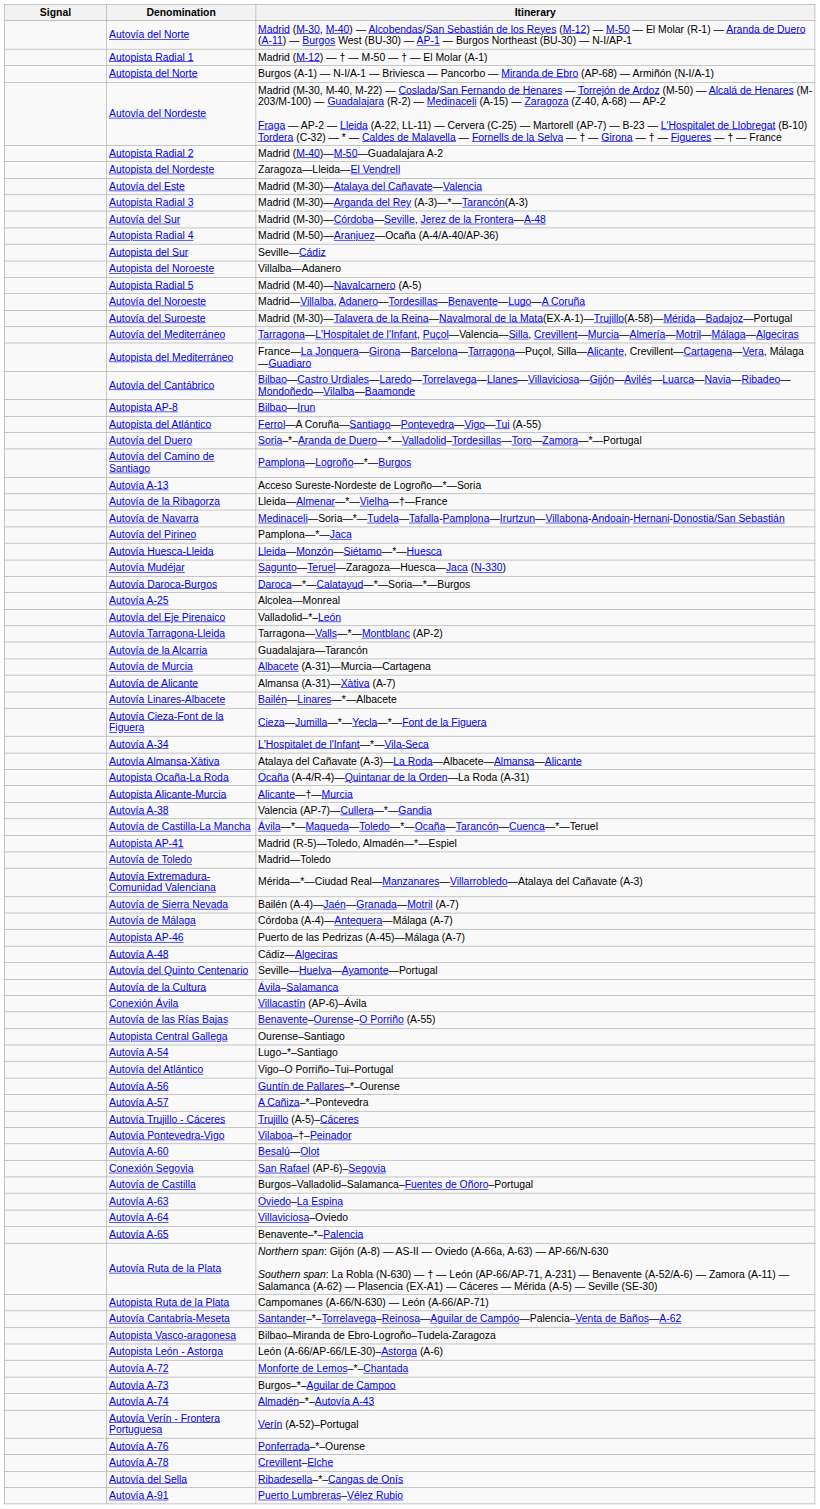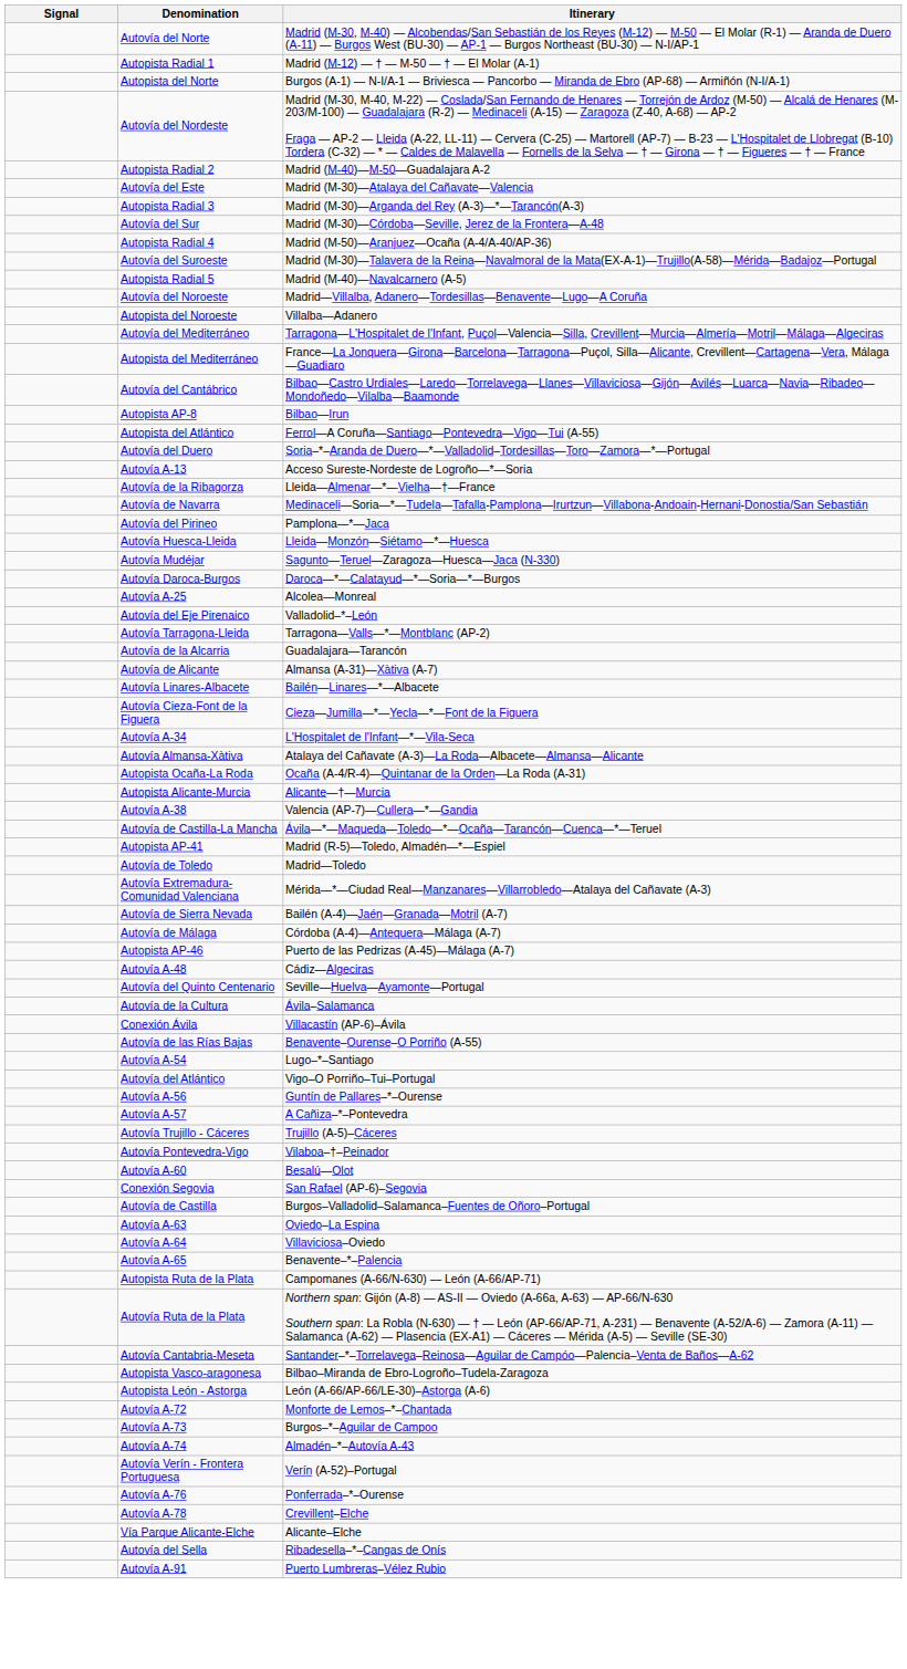 <table class="wikitable">
 <tr>
 <th width="150px">Signal</th>
 <th>Denomination</th>
 <th>Itinerary</th>
 </tr>
 <tr>
 <td></td>
 <td><a href='#'>Autovía del Norte</a></td>
 <td><a href='#'>Madrid</a> (<a href='#'>M-30</a>, <a href='#'>M-40</a>) — <a href='#'>Alcobendas</a>/<a href='#'>San Sebastián de los Reyes</a> (<a href='#'>M-12</a>) — <a href='#'>M-50</a> — El Molar (R-1) — <a href='#'>Aranda de Duero</a> (<a href='#'>A-11</a>) — <a href='#'>Burgos</a> West (BU-30) — <a href='#'>AP-1</a> — Burgos Northeast (BU-30) — N-I/AP-1</td>
 </tr>
 <tr>
 <td></td>
 <td><a href='#'>Autopista Radial 1</a></td>
 <td>Madrid (<a href='#'>M-12</a>) — † — M-50 — † — El Molar (A-1)</td>
 </tr>
 <tr>
 <td></td>
 <td><a href='#'>Autopista del Norte</a></td>
 <td>Burgos (A-1) — N-I/A-1 — Briviesca — Pancorbo — <a href='#'>Miranda de Ebro</a> (AP-68) — Armiñón (N-I/A-1)</td>
 </tr>
 <tr>
 <td></td>
 <td><a href='#'>Autovía del Nordeste</a></td>
 <td>Madrid (M-30, M-40, M-22) — <a href='#'>Coslada</a>/<a href='#'>San Fernando de Henares</a> — <a href='#'>Torrejón de Ardoz</a> (M-50) — <a href='#'>Alcalá de Henares</a> (M-203/M-100) — <a href='#'>Guadalajara</a> (R-2) — <a href='#'>Medinaceli</a> (A-15) — <a href='#'>Zaragoza</a> (Z-40, A-68) — AP-2<br><br><a href='#'>Fraga</a> — AP-2 — <a href='#'>Lleida</a> (A-22, LL-11) — Cervera (C-25) — Martorell (AP-7) — B-23 — <a href='#'>L'Hospitalet de Llobregat</a> (B-10)<br> <a href='#'>Tordera</a> (C-32) — * — <a href='#'>Caldes de Malavella</a> — <a href='#'>Fornells de la Selva</a> —  † — <a href='#'>Girona</a> —  † — <a href='#'>Figueres</a>  —  † — France</td>
 </tr>
 <tr>
 <td></td>
 <td><a href='#'>Autopista Radial 2</a></td>
 <td>Madrid (<a href='#'>M-40</a>)—<a href='#'>M-50</a>—Guadalajara A-2</td>
 </tr>
 <tr>
 <td></td>
-<td><a href='#'>Autopista del Nordeste</a></td>
-<td>Zaragoza—Lleida—<a href='#'>El Vendrell</a></td>
-</tr>
-<tr>
-<td></td>
 <td><a href='#'>Autovía del Este</a></td>
 <td>Madrid (M-30)—<a href='#'>Atalaya del Cañavate</a>—<a href='#'>Valencia</a></td>
 </tr>
 <tr>
 <td></td>
 <td><a href='#'>Autopista Radial 3</a></td>
 <td>Madrid (M-30)—<a href='#'>Arganda del Rey</a> (A-3)—*—<a href='#'>Tarancón</a>(A-3)</td>
 </tr>
 <tr>
 <td></td>
 <td><a href='#'>Autovía del Sur</a></td>
 <td>Madrid (M-30)—<a href='#'>Córdoba</a>—<a href='#'>Seville</a>, <a href='#'>Jerez de la Frontera</a>—<a href='#'>A-48</a></td>
 </tr>
 <tr>
 <td></td>
 <td><a href='#'>Autopista Radial 4</a></td>
 <td>Madrid (M-50)—<a href='#'>Aranjuez</a>—Ocaña (A-4/A-40/AP-36)</td>
 </tr>
 <tr>
 <td></td>
-<td><a href='#'>Autopista del Sur</a></td>
-<td>Seville—<a href='#'>Cádiz</a></td>
-</tr>
-<tr>
-<td></td>
-<td><a href='#'>Autopista del Noroeste</a></td>
-<td>Villalba—Adanero</td>
+<td><a href='#'>Autovía del Suroeste</a></td>
+<td>Madrid (M-30)—<a href='#'>Talavera de la Reina</a>—<a href='#'>Navalmoral de la Mata</a>(EX-A-1)—<a href='#'>Trujillo</a>(A-58)—<a href='#'>Mérida</a>—<a href='#'>Badajoz</a>—Portugal</td>
 </tr>
 <tr>
 <td></td>
 <td><a href='#'>Autopista Radial 5</a></td>
 <td>Madrid (M-40)—<a href='#'>Navalcarnero</a> (A-5)</td>
 </tr>
 <tr>
 <td></td>
 <td><a href='#'>Autovía del Noroeste</a></td>
 <td>Madrid—<a href='#'>Villalba</a>, <a href='#'>Adanero</a>—<a href='#'>Tordesillas</a>—<a href='#'>Benavente</a>—<a href='#'>Lugo</a>—<a href='#'>A Coruña</a></td>
 </tr>
 <tr>
 <td></td>
-<td><a href='#'>Autovía del Suroeste</a></td>
-<td>Madrid (M-30)—<a href='#'>Talavera de la Reina</a>—<a href='#'>Navalmoral de la Mata</a>(EX-A-1)—<a href='#'>Trujillo</a>(A-58)—<a href='#'>Mérida</a>—<a href='#'>Badajoz</a>—Portugal</td>
+<td><a href='#'>Autopista del Noroeste</a></td>
+<td>Villalba—Adanero</td>
 </tr>
 <tr>
 <td></td>
 <td><a href='#'>Autovía del Mediterráneo</a></td>
 <td><a href='#'>Tarragona</a>—<a href='#'>L'Hospitalet de l'Infant</a>, <a href='#'>Puçol</a>—Valencia—<a href='#'>Silla</a>, <a href='#'>Crevillent</a>—<a href='#'>Murcia</a>—<a href='#'>Almería</a>—<a href='#'>Motril</a>—<a href='#'>Málaga</a>—<a href='#'>Algeciras</a></td>
 </tr>
 <tr>
 <td></td>
 <td><a href='#'>Autopista del Mediterráneo</a></td>
 <td>France—<a href='#'>La Jonquera</a>—<a href='#'>Girona</a>—<a href='#'>Barcelona</a>—<a href='#'>Tarragona</a>—Puçol, Silla—<a href='#'>Alicante</a>, Crevillent—<a href='#'>Cartagena</a>—<a href='#'>Vera</a>,  Málaga—<a href='#'>Guadiaro</a></td>
 </tr>
 <tr>
 <td></td>
 <td><a href='#'>Autovía del Cantábrico</a></td>
 <td><a href='#'>Bilbao</a>—<a href='#'>Castro Urdiales</a>—<a href='#'>Laredo</a>—<a href='#'>Torrelavega</a>—<a href='#'>Llanes</a>—<a href='#'>Villaviciosa</a>—<a href='#'>Gijón</a>—<a href='#'>Avilés</a>—<a href='#'>Luarca</a>—<a href='#'>Navia</a>—<a href='#'>Ribadeo</a>—<a href='#'>Mondoñedo</a>—<a href='#'>Vilalba</a>—<a href='#'>Baamonde</a></td>
 </tr>
 <tr>
 <td></td>
 <td><a href='#'>Autopista AP-8</a></td>
 <td><a href='#'>Bilbao</a>—<a href='#'>Irun</a></td>
 </tr>
 <tr>
 <td></td>
 <td><a href='#'>Autopista del Atlántico</a></td>
 <td><a href='#'>Ferrol</a>—A Coruña—<a href='#'>Santiago</a>—<a href='#'>Pontevedra</a>—<a href='#'>Vigo</a>—<a href='#'>Tui</a> (A-55)</td>
 </tr>
 <tr>
 <td></td>
 <td><a href='#'>Autovía del Duero</a></td>
 <td><a href='#'>Soria</a>–*–<a href='#'>Aranda de Duero</a>—*—<a href='#'>Valladolid</a>–<a href='#'>Tordesillas</a>—<a href='#'>Toro</a>—<a href='#'>Zamora</a>—*—Portugal</td>
-</tr>
-<tr>
-<td></td>
-<td><a href='#'>Autovía del Camino de Santiago</a></td>
-<td><a href='#'>Pamplona</a>—<a href='#'>Logroño</a>—*—<a href='#'>Burgos</a></td>
 </tr>
 <tr>
 <td></td>
 <td><a href='#'>Autovía A-13</a></td>
 <td>Acceso Sureste-Nordeste de Logroño—*—Soria</td>
 </tr>
 <tr>
 <td></td>
 <td><a href='#'>Autovía de la Ribagorza</a></td>
 <td>Lleida—<a href='#'>Almenar</a>—*—<a href='#'>Vielha</a>—†—France</td>
 </tr>
 <tr>
 <td></td>
 <td><a href='#'>Autovía de Navarra</a></td>
 <td><a href='#'>Medinaceli</a>—Soria—*—<a href='#'>Tudela</a>—<a href='#'>Tafalla</a>-<a href='#'>Pamplona</a>—<a href='#'>Irurtzun</a>—<a href='#'>Villabona</a>-<a href='#'>Andoain</a>-<a href='#'>Hernani</a>-<a href='#'>Donostia/San Sebastián</a></td>
 </tr>
 <tr>
 <td></td>
 <td><a href='#'>Autovía del Pirineo</a></td>
 <td>Pamplona—*—<a href='#'>Jaca</a></td>
 </tr>
 <tr>
 <td></td>
 <td><a href='#'>Autovía Huesca-Lleida</a></td>
 <td><a href='#'>Lleida</a>—<a href='#'>Monzón</a>—<a href='#'>Siétamo</a>—*—<a href='#'>Huesca</a></td>
 </tr>
 <tr>
 <td></td>
 <td><a href='#'>Autovía Mudéjar</a></td>
 <td><a href='#'>Sagunto</a>—<a href='#'>Teruel</a>—Zaragoza—Huesca—<a href='#'>Jaca</a> (<a href='#'>N-330</a>)</td>
 </tr>
 <tr>
 <td></td>
 <td><a href='#'>Autovía Daroca-Burgos</a></td>
 <td><a href='#'>Daroca</a>—*—<a href='#'>Calatayud</a>—*—Soria—*—Burgos</td>
 </tr>
 <tr>
 <td></td>
 <td><a href='#'>Autovía A-25</a></td>
 <td>Alcolea—Monreal</td>
 </tr>
 <tr>
 <td></td>
 <td><a href='#'>Autovía del Eje Pirenaico</a></td>
 <td>Valladolid–*–<a href='#'>León</a></td>
 </tr>
 <tr>
 <td></td>
 <td><a href='#'>Autovía Tarragona-Lleida</a></td>
 <td>Tarragona—<a href='#'>Valls</a>—*—<a href='#'>Montblanc</a> (AP-2)</td>
 </tr>
 <tr>
 <td></td>
 <td><a href='#'>Autovía de la Alcarria</a></td>
 <td>Guadalajara—Tarancón</td>
-</tr>
-<tr>
-<td></td>
-<td><a href='#'>Autovía de Murcia</a></td>
-<td><a href='#'>Albacete</a> (A-31)—Murcia—Cartagena</td>
 </tr>
 <tr>
 <td></td>
 <td><a href='#'>Autovía de Alicante</a></td>
 <td>Almansa (A-31)—<a href='#'>Xàtiva</a> (A-7)</td>
 </tr>
 <tr>
 <td></td>
 <td><a href='#'>Autovía Linares-Albacete</a></td>
 <td><a href='#'>Bailén</a>—<a href='#'>Linares</a>—*—Albacete</td>
 </tr>
 <tr>
 <td></td>
 <td><a href='#'>Autovía Cieza-Font de la Figuera</a></td>
 <td><a href='#'>Cieza</a>—<a href='#'>Jumilla</a>—*—<a href='#'>Yecla</a>—*—<a href='#'>Font de la Figuera</a></td>
 </tr>
 <tr>
 <td></td>
 <td><a href='#'>Autovía A-34</a></td>
 <td><a href='#'>L'Hospitalet de l'Infant</a>—*—<a href='#'>Vila-Seca</a></td>
 </tr>
 <tr>
 <td></td>
 <td><a href='#'>Autovía Almansa-Xàtiva</a></td>
 <td>Atalaya del Cañavate (A-3)—<a href='#'>La Roda</a>—Albacete—<a href='#'>Almansa</a>—<a href='#'>Alicante</a></td>
 </tr>
 <tr>
 <td></td>
 <td><a href='#'>Autopista Ocaña-La Roda</a></td>
 <td><a href='#'>Ocaña</a> (A-4/R-4)—<a href='#'>Quintanar de la Orden</a>—La Roda (A-31)</td>
 </tr>
 <tr>
 <td></td>
 <td><a href='#'>Autopista Alicante-Murcia</a></td>
 <td><a href='#'>Alicante</a>—†—<a href='#'>Murcia</a></td>
 </tr>
 <tr>
 <td></td>
 <td><a href='#'>Autovía A-38</a></td>
 <td>Valencia (AP-7)—<a href='#'>Cullera</a>—*—<a href='#'>Gandia</a></td>
 </tr>
 <tr>
 <td></td>
 <td><a href='#'>Autovía de Castilla-La Mancha</a></td>
 <td><a href='#'>Ávila</a>—*—<a href='#'>Maqueda</a>—<a href='#'>Toledo</a>—*—<a href='#'>Ocaña</a>—<a href='#'>Tarancón</a>—<a href='#'>Cuenca</a>—*—Teruel</td>
 </tr>
 <tr>
 <td></td>
 <td><a href='#'>Autopista AP-41</a></td>
 <td>Madrid (R-5)—Toledo, Almadén—*—Espiel</td>
 </tr>
 <tr>
 <td></td>
 <td><a href='#'>Autovía de Toledo</a></td>
 <td>Madrid—Toledo</td>
 </tr>
 <tr>
 <td></td>
 <td><a href='#'>Autovía Extremadura-Comunidad Valenciana</a></td>
 <td>Mérida—*—Ciudad Real—<a href='#'>Manzanares</a>—<a href='#'>Villarrobledo</a>—Atalaya del Cañavate (A-3)</td>
 </tr>
 <tr>
 <td></td>
 <td><a href='#'>Autovía de Sierra Nevada</a></td>
 <td>Bailén (A-4)—<a href='#'>Jaén</a>—<a href='#'>Granada</a>—<a href='#'>Motril</a> (A-7)</td>
 </tr>
 <tr>
 <td></td>
 <td><a href='#'>Autovía de Málaga</a></td>
 <td>Córdoba (A-4)—<a href='#'>Antequera</a>—Málaga (A-7)</td>
 </tr>
 <tr>
 <td></td>
 <td><a href='#'>Autopista AP-46</a></td>
 <td>Puerto de las Pedrizas (A-45)—Málaga (A-7)</td>
 </tr>
 <tr>
 <td></td>
 <td><a href='#'>Autovía A-48</a></td>
 <td>Cádiz—<a href='#'>Algeciras</a></td>
 </tr>
 <tr>
 <td></td>
 <td><a href='#'>Autovía del Quinto Centenario</a></td>
 <td>Seville—<a href='#'>Huelva</a>—<a href='#'>Ayamonte</a>—Portugal</td>
 </tr>
 <tr>
 <td></td>
 <td><a href='#'>Autovía de la Cultura</a></td>
 <td><a href='#'>Ávila</a>–<a href='#'>Salamanca</a></td>
 </tr>
 <tr>
 <td></td>
 <td><a href='#'>Conexión Ávila</a></td>
 <td><a href='#'>Villacastín</a> (AP-6)–Ávila</td>
 </tr>
 <tr>
 <td></td>
 <td><a href='#'>Autovía de las Rías Bajas</a></td>
 <td><a href='#'>Benavente</a>–<a href='#'>Ourense</a>–<a href='#'>O Porriño</a> (A-55)</td>
 </tr>
 <tr>
 <td></td>
-<td><a href='#'>Autopista Central Gallega</a></td>
-<td>Ourense–Santiago</td>
-</tr>
-<tr>
-<td></td>
 <td><a href='#'>Autovía A-54</a></td>
 <td>Lugo–*–Santiago</td>
 </tr>
 <tr>
 <td></td>
 <td><a href='#'>Autovía del Atlántico</a></td>
 <td>Vigo–O Porriño–Tui–Portugal</td>
 </tr>
 <tr>
 <td></td>
 <td><a href='#'>Autovía A-56</a></td>
 <td><a href='#'>Guntín de Pallares</a>–*–Ourense</td>
 </tr>
 <tr>
 <td></td>
 <td><a href='#'>Autovía A-57</a></td>
 <td><a href='#'>A Cañiza</a>–*–Pontevedra</td>
 </tr>
 <tr>
 <td></td>
 <td><a href='#'>Autovía Trujillo - Cáceres</a></td>
 <td><a href='#'>Trujillo</a> (A-5)–<a href='#'>Cáceres</a></td>
 </tr>
 <tr>
 <td></td>
 <td><a href='#'>Autovía Pontevedra-Vigo</a></td>
 <td><a href='#'>Vilaboa</a>–†–<a href='#'>Peinador</a></td>
 </tr>
 <tr>
 <td></td>
 <td><a href='#'>Autovía A-60</a></td>
 <td><a href='#'>Besalú</a>—<a href='#'>Olot</a></td>
 </tr>
 <tr>
 <td></td>
 <td><a href='#'>Conexión Segovia</a></td>
 <td><a href='#'>San Rafael</a> (AP-6)–<a href='#'>Segovia</a></td>
 </tr>
 <tr>
 <td></td>
 <td><a href='#'>Autovía de Castilla</a></td>
 <td>Burgos–Valladolid–Salamanca–<a href='#'>Fuentes de Oñoro</a>–Portugal</td>
 </tr>
 <tr>
 <td></td>
 <td><a href='#'>Autovía A-63</a></td>
 <td><a href='#'>Oviedo</a>–<a href='#'>La Espina</a></td>
 </tr>
 <tr>
 <td></td>
 <td><a href='#'>Autovía A-64</a></td>
 <td><a href='#'>Villaviciosa</a>–Oviedo</td>
 </tr>
 <tr>
 <td></td>
 <td><a href='#'>Autovía A-65</a></td>
 <td>Benavente–*–<a href='#'>Palencia</a></td>
 </tr>
 <tr>
 <td></td>
-<td><a href='#'>Autovía Ruta de la Plata</a></td>
-<td><em>Northern span</em>: Gijón (A-8) — AS-II — Oviedo (A-66a, A-63) — AP-66/N-630<br><br><em>Southern span</em>: La Robla (N-630) — † — León (AP-66/AP-71, A-231) — Benavente (A-52/A-6) — Zamora (A-11) — Salamanca (A-62) — Plasencia (EX-A1) — Cáceres — Mérida (A-5) — Seville (SE-30)</td>
+<td><a href='#'>Autopista Ruta de la Plata</a></td>
+<td>Campomanes (A-66/N-630) — León (A-66/AP-71)</td>
 </tr>
 <tr>
 <td></td>
-<td><a href='#'>Autopista Ruta de la Plata</a></td>
-<td>Campomanes (A-66/N-630) — León (A-66/AP-71)</td>
+<td><a href='#'>Autovía Ruta de la Plata</a></td>
+<td><em>Northern span</em>: Gijón (A-8) — AS-II — Oviedo (A-66a, A-63) — AP-66/N-630<br><br><em>Southern span</em>: La Robla (N-630) — † — León (AP-66/AP-71, A-231) — Benavente (A-52/A-6) — Zamora (A-11) — Salamanca (A-62) — Plasencia (EX-A1) — Cáceres — Mérida (A-5) — Seville (SE-30)</td>
 </tr>
 <tr>
 <td></td>
 <td><a href='#'>Autovía Cantabria-Meseta</a></td>
 <td><a href='#'>Santander</a>–*–<a href='#'>Torrelavega</a>–<a href='#'>Reinosa</a>—<a href='#'>Aguilar de Campóo</a>—Palencia–<a href='#'>Venta de Baños</a>—<a href='#'>A-62</a></td>
 </tr>
 <tr>
 <td></td>
 <td><a href='#'>Autopista Vasco-aragonesa</a></td>
 <td>Bilbao–Miranda de Ebro-Logroño–Tudela-Zaragoza</td>
 </tr>
 <tr>
 <td></td>
 <td><a href='#'>Autopista León - Astorga</a></td>
 <td>León (A-66/AP-66/LE-30)–<a href='#'>Astorga</a> (A-6)</td>
 </tr>
 <tr>
 <td></td>
 <td><a href='#'>Autovía A-72</a></td>
 <td><a href='#'>Monforte de Lemos</a>–*–<a href='#'>Chantada</a></td>
 </tr>
 <tr>
 <td></td>
 <td><a href='#'>Autovía A-73</a></td>
 <td>Burgos–*–<a href='#'>Aguilar de Campoo</a></td>
 </tr>
 <tr>
 <td></td>
 <td><a href='#'>Autovía A-74</a></td>
 <td><a href='#'>Almadén</a>–*–<a href='#'>Autovía A-43</a></td>
 </tr>
 <tr>
 <td></td>
 <td><a href='#'>Autovía Verín - Frontera Portuguesa</a></td>
 <td><a href='#'>Verín</a> (A-52)–Portugal</td>
 </tr>
 <tr>
 <td></td>
 <td><a href='#'>Autovía A-76</a></td>
 <td><a href='#'>Ponferrada</a>–*–Ourense</td>
 </tr>
 <tr>
 <td></td>
 <td><a href='#'>Autovía A-78</a></td>
 <td><a href='#'>Crevillent</a>–<a href='#'>Elche</a></td>
 </tr>
 <tr>
 <td></td>
+<td><a href='#'>Vía Parque Alicante-Elche</a></td>
+<td>Alicante–Elche</td>
+</tr>
+<tr>
+<td></td>
 <td><a href='#'>Autovía del Sella</a></td>
 <td><a href='#'>Ribadesella</a>–*–<a href='#'>Cangas de Onís</a></td>
 </tr>
 <tr>
 <td></td>
 <td><a href='#'>Autovía A-91</a></td>
 <td><a href='#'>Puerto Lumbreras</a>–<a href='#'>Vélez Rubio</a></td>
 </tr>
 </table>
